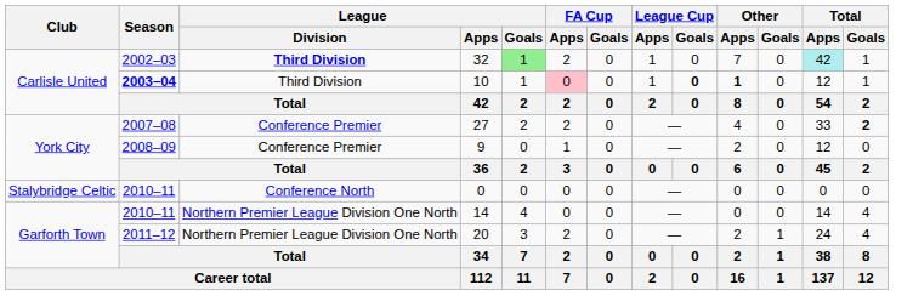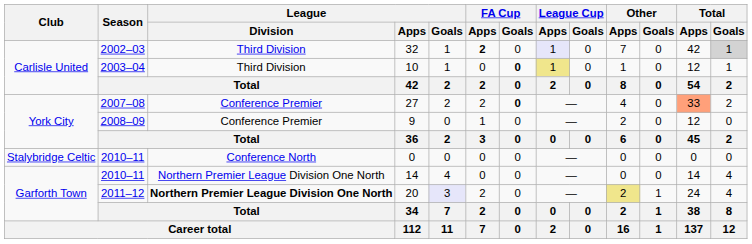 <table class="wikitable" style="text-align:center">
 <tr>
 <th rowspan="2">Club</th>
 <th rowspan="2">Season</th>
 <th colspan="3">League</th>
 <th colspan="2"><a href='#'>FA Cup</a></th>
 <th colspan="2"><a href='#'>League Cup</a></th>
 <th colspan="2">Other</th>
 <th colspan="2">Total</th>
 </tr>
 <tr>
 <th>Division</th>
 <th>Apps</th>
 <th>Goals</th>
 <th>Apps</th>
 <th>Goals</th>
 <th>Apps</th>
 <th>Goals</th>
 <th>Apps</th>
 <th>Goals</th>
 <th>Apps</th>
 <th>Goals</th>
 </tr>
 <tr>
 <td rowspan="3"><a href='#'>Carlisle United</a></td>
 <td><a href='#'>2002–03</a></td>
-<td><strong><a href='#'>Third Division</a></strong></td>
+<td><a href='#'>Third Division</a></td>
 <td>32</td>
-<td style="background: lightgreen;">1</td>
-<td>2</td>
+<td>1</td>
+<td><strong>2</strong></td>
 <td>0</td>
-<td>1</td>
+<td style="background: lavender;">1</td>
 <td>0</td>
 <td>7</td>
 <td>0</td>
-<td style="background: paleturquoise;">42</td>
-<td>1</td>
+<td>42</td>
+<td style="background: lightgrey;">1</td>
 </tr>
 <tr>
-<td><strong><a href='#'>2003–04</a></strong></td>
+<td><a href='#'>2003–04</a></td>
 <td>Third Division</td>
 <td>10</td>
 <td>1</td>
-<td style="background: pink;">0</td>
+<td>0</td>
+<td><strong>0</strong></td>
+<td style="background: khaki;">1</td>
 <td>0</td>
 <td>1</td>
-<td><strong>0</strong></td>
-<td><strong>1</strong></td>
 <td>0</td>
 <td>12</td>
 <td>1</td>
 </tr>
 <tr>
 <th colspan="2">Total</th>
 <th>42</th>
 <th>2</th>
 <th>2</th>
 <th>0</th>
 <th>2</th>
 <th>0</th>
 <th>8</th>
 <th>0</th>
 <th>54</th>
 <th>2</th>
 </tr>
 <tr>
 <td rowspan="3"><a href='#'>York City</a></td>
 <td><a href='#'>2007–08</a></td>
 <td><a href='#'>Conference Premier</a></td>
 <td>27</td>
 <td>2</td>
 <td>2</td>
-<td>0</td>
+<td><strong>0</strong></td>
 <td colspan="2">—</td>
 <td>4</td>
 <td>0</td>
-<td>33</td>
-<td><strong>2</strong></td>
+<td style="background: lightsalmon;">33</td>
+<td>2</td>
 </tr>
 <tr>
 <td><a href='#'>2008–09</a></td>
 <td>Conference Premier</td>
 <td>9</td>
 <td>0</td>
 <td>1</td>
 <td>0</td>
 <td colspan="2">—</td>
 <td>2</td>
 <td>0</td>
 <td>12</td>
 <td>0</td>
 </tr>
 <tr>
 <th colspan="2">Total</th>
 <th>36</th>
 <th>2</th>
 <th>3</th>
 <th>0</th>
 <th>0</th>
 <th>0</th>
 <th>6</th>
 <th>0</th>
 <th>45</th>
 <th>2</th>
 </tr>
 <tr>
 <td><a href='#'>Stalybridge Celtic</a></td>
 <td><a href='#'>2010–11</a></td>
 <td><a href='#'>Conference North</a></td>
 <td>0</td>
 <td>0</td>
 <td>0</td>
 <td>0</td>
 <td colspan="2">—</td>
 <td>0</td>
 <td>0</td>
 <td>0</td>
 <td>0</td>
 </tr>
 <tr>
 <td rowspan="3"><a href='#'>Garforth Town</a></td>
 <td><a href='#'>2010–11</a></td>
 <td><a href='#'>Northern Premier League</a> Division One North</td>
 <td>14</td>
 <td>4</td>
 <td>0</td>
 <td>0</td>
 <td colspan="2">—</td>
 <td>0</td>
 <td>0</td>
 <td>14</td>
 <td>4</td>
 </tr>
 <tr>
 <td><a href='#'>2011–12</a></td>
-<td>Northern Premier League Division One North</td>
+<td><strong>Northern Premier League Division One North</strong></td>
 <td>20</td>
-<td>3</td>
+<td style="background: lavender;">3</td>
 <td>2</td>
 <td>0</td>
 <td colspan="2">—</td>
-<td>2</td>
+<td style="background: khaki;">2</td>
 <td>1</td>
 <td>24</td>
 <td>4</td>
 </tr>
 <tr>
 <th colspan="2">Total</th>
 <th>34</th>
 <th>7</th>
 <th>2</th>
 <th>0</th>
 <th>0</th>
 <th>0</th>
 <th>2</th>
 <th>1</th>
 <th>38</th>
 <th>8</th>
 </tr>
 <tr>
 <th colspan="3">Career total</th>
 <th>112</th>
 <th>11</th>
 <th>7</th>
 <th>0</th>
 <th>2</th>
 <th>0</th>
 <th>16</th>
 <th>1</th>
 <th>137</th>
 <th>12</th>
 </tr>
 </table>
